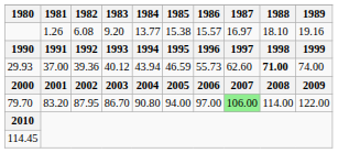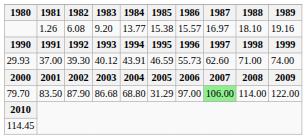 <table class="wikitable">
 <tr style="background: #cccccc;">
 </tr>
 <tr>
 <th>1980</th>
 <th>1981</th>
 <th>1982</th>
 <th>1983</th>
 <th>1984</th>
 <th>1985</th>
 <th>1986</th>
 <th>1987</th>
 <th>1988</th>
 <th>1989</th>
 </tr>
 <tr>
 <td></td>
 <td>1.26</td>
 <td>6.08</td>
 <td>9.20</td>
 <td>13.77</td>
 <td>15.38</td>
 <td>15.57</td>
 <td>16.97</td>
 <td>18.10</td>
 <td>19.16</td>
 </tr>
 <tr>
 <th>1990</th>
 <th>1991</th>
 <th>1992</th>
 <th>1993</th>
 <th>1994</th>
 <th>1995</th>
 <th>1996</th>
 <th>1997</th>
 <th>1998</th>
 <th>1999</th>
 </tr>
 <tr>
 <td>29.93</td>
 <td>37.00</td>
-<td>39.36</td>
+<td>39.30</td>
 <td>40.12</td>
-<td>43.94</td>
+<td>43.91</td>
 <td>46.59</td>
 <td>55.73</td>
 <td>62.60</td>
-<td><strong>71.00</strong></td>
+<td>71.00</td>
 <td>74.00</td>
 </tr>
 <tr>
 <th>2000</th>
 <th>2001</th>
 <th>2002</th>
 <th>2003</th>
 <th>2004</th>
 <th>2005</th>
 <th>2006</th>
 <th>2007</th>
 <th>2008</th>
 <th>2009</th>
 </tr>
 <tr>
 <td>79.70</td>
-<td>83.20</td>
-<td>87.95</td>
-<td>86.70</td>
-<td>90.80</td>
-<td>94.00</td>
+<td>83.50</td>
+<td>87.90</td>
+<td>86.68</td>
+<td>68.80</td>
+<td>31.29</td>
 <td>97.00</td>
 <td style="background: lightgreen;">106.00</td>
 <td>114.00</td>
 <td>122.00</td>
 </tr>
 <tr>
 <th>2010</th>
 </tr>
 <tr>
 <td>114.45</td>
 </tr>
 </table>
